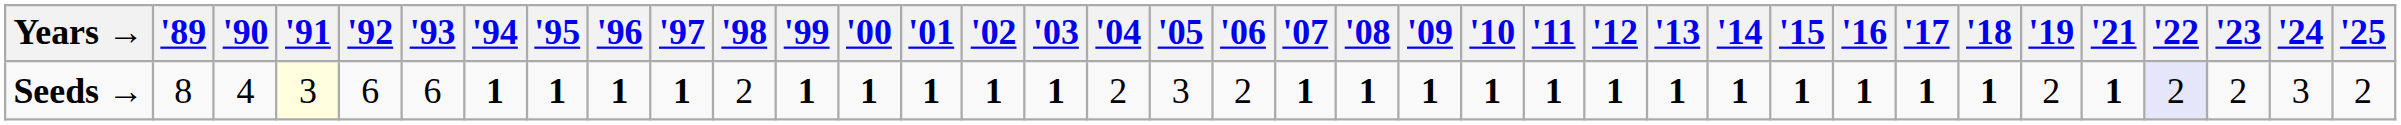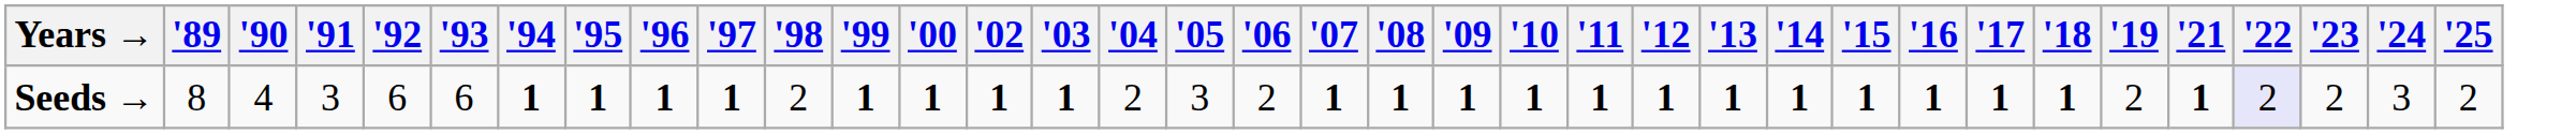 <table class="wikitable">
 <tr>
 <th>Years →</th>
 <th><a href='#'>'89</a></th>
 <th><a href='#'>'90</a></th>
 <th><a href='#'>'91</a></th>
 <th><a href='#'>'92</a></th>
 <th><a href='#'>'93</a></th>
 <th><a href='#'>'94</a></th>
 <th><a href='#'>'95</a></th>
 <th><a href='#'>'96</a></th>
 <th><a href='#'>'97</a></th>
 <th><a href='#'>'98</a></th>
 <th><a href='#'>'99</a></th>
 <th><a href='#'>'00</a></th>
-<th><a href='#'>'01</a></th>
 <th><a href='#'>'02</a></th>
 <th><a href='#'>'03</a></th>
 <th><a href='#'>'04</a></th>
 <th><a href='#'>'05</a></th>
 <th><a href='#'>'06</a></th>
 <th><a href='#'>'07</a></th>
 <th><a href='#'>'08</a></th>
 <th><a href='#'>'09</a></th>
 <th><a href='#'>'10</a></th>
 <th><a href='#'>'11</a></th>
 <th><a href='#'>'12</a></th>
 <th><a href='#'>'13</a></th>
 <th><a href='#'>'14</a></th>
 <th><a href='#'>'15</a></th>
 <th><a href='#'>'16</a></th>
 <th><a href='#'>'17</a></th>
 <th><a href='#'>'18</a></th>
 <th><a href='#'>'19</a></th>
 <th><a href='#'>'21</a></th>
 <th><a href='#'>'22</a></th>
 <th><a href='#'>'23</a></th>
 <th><a href='#'>'24</a></th>
 <th><a href='#'>'25</a></th>
 </tr>
 <tr align=center>
 <td style="text-align:left; "><strong>Seeds →</strong></td>
 <td>8</td>
 <td>4</td>
-<td style="background: lightyellow;">3</td>
+<td>3</td>
 <td>6</td>
 <td>6</td>
 <td><strong>1</strong></td>
 <td><strong>1</strong></td>
 <td><strong>1</strong></td>
 <td><strong>1</strong></td>
 <td>2</td>
-<td><strong>1</strong></td>
 <td><strong>1</strong></td>
 <td><strong>1</strong></td>
 <td><strong>1</strong></td>
 <td><strong>1</strong></td>
 <td>2</td>
 <td>3</td>
 <td>2</td>
 <td><strong>1</strong></td>
 <td><strong>1</strong></td>
 <td><strong>1</strong></td>
 <td><strong>1</strong></td>
 <td><strong>1</strong></td>
 <td><strong>1</strong></td>
 <td><strong>1</strong></td>
 <td><strong>1</strong></td>
 <td><strong>1</strong></td>
 <td><strong>1</strong></td>
 <td><strong>1</strong></td>
 <td><strong>1</strong></td>
 <td>2</td>
 <td><strong>1</strong></td>
 <td style="background: lavender;">2</td>
 <td>2</td>
 <td>3</td>
 <td>2</td>
 </tr>
 </table>
